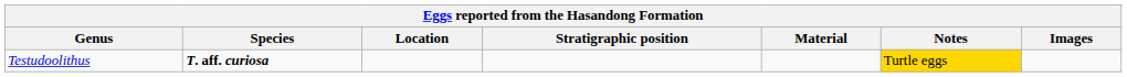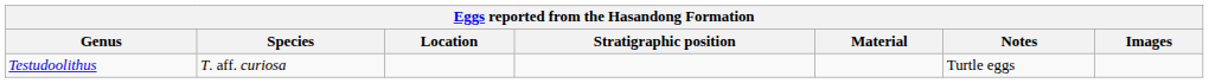 <table class="wikitable" align="center" width="100%">
 <tr>
 <th colspan="7" align="center"><strong><a href='#'>Eggs</a> reported from the Hasandong Formation</strong></th>
 </tr>
 <tr>
 <th>Genus</th>
 <th>Species</th>
 <th>Location</th>
 <th>Stratigraphic position</th>
 <th>Material</th>
 <th>Notes</th>
 <th>Images</th>
 </tr>
 <tr>
 <td><em><a href='#'>Testudoolithus</a></em></td>
-<td><strong><em>T</em>. aff. <em>curiosa</em></strong></td>
+<td><em>T</em>. aff. <em>curiosa</em></td>
 <td></td>
 <td></td>
 <td></td>
-<td style="background: gold;">Turtle eggs</td>
+<td>Turtle eggs</td>
 <td></td>
 </tr>
 </table>
